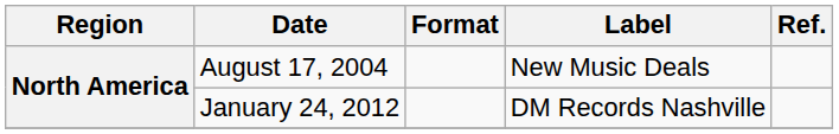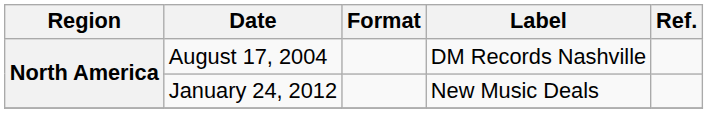 <table class="wikitable plainrowheaders">
 <tr>
 <th scope="col">Region</th>
 <th scope="col">Date</th>
 <th scope="col">Format</th>
 <th scope="col">Label</th>
 <th scope="col">Ref.</th>
 </tr>
 <tr>
 <th scope="row" rowspan="2">North America</th>
 <td>August 17, 2004</td>
 <td></td>
-<td>New Music Deals</td>
+<td>DM Records Nashville</td>
 <td></td>
 </tr>
 <tr>
 <td>January 24, 2012</td>
 <td></td>
-<td>DM Records Nashville</td>
+<td>New Music Deals</td>
 <td></td>
 </tr>
 <tr>
 </tr>
 </table>
